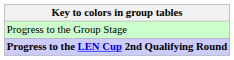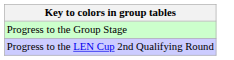 <table class="wikitable" border="1">
 <tr>
 <th>Key to colors in group tables</th>
 </tr>
 <tr style="background:#cfc;">
 <td>Progress to the Group Stage</td>
 </tr>
 <tr style="background:#ccf;">
-<td><strong>Progress to the <a href='#'>LEN Cup</a> 2nd Qualifying Round</strong></td>
+<td>Progress to the <a href='#'>LEN Cup</a> 2nd Qualifying Round</td>
 </tr>
 </table>
